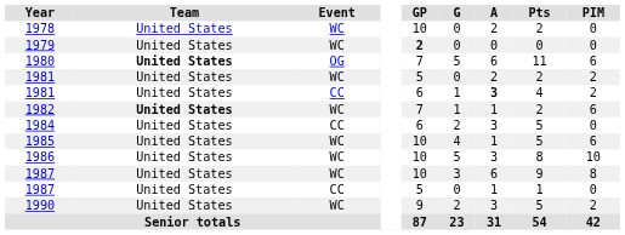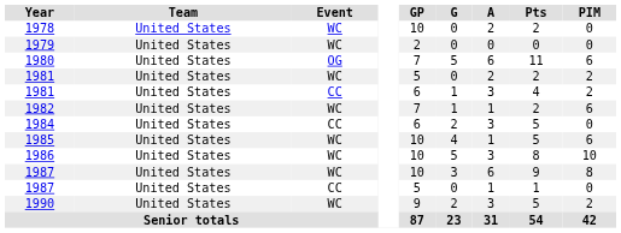 <table border="0" cellpadding="1" cellspacing="0" style="text-align:center; width:50em">
 <tr style="text-align:center; background:#e0e0e0;">
 <th>Year</th>
 <th>Team</th>
 <th>Event</th>
 <th rowspan="99" style="background:#fff;"> </th>
 <th>GP</th>
 <th>G</th>
 <th>A</th>
 <th>Pts</th>
 <th>PIM</th>
 </tr>
 <tr>
 <td><a href='#'>1978</a></td>
 <td><a href='#'>United States</a></td>
 <td><a href='#'>WC</a></td>
 <td>10</td>
 <td>0</td>
 <td>2</td>
 <td>2</td>
 <td>0</td>
 </tr>
 <tr style="background:#f0f0f0;">
 <td><a href='#'>1979</a></td>
 <td>United States</td>
 <td>WC</td>
-<td><strong>2</strong></td>
+<td>2</td>
 <td>0</td>
 <td>0</td>
 <td>0</td>
 <td>0</td>
 </tr>
 <tr>
 <td><a href='#'>1980</a></td>
-<td><strong>United States</strong></td>
+<td>United States</td>
 <td><a href='#'>OG</a></td>
 <td>7</td>
 <td>5</td>
 <td>6</td>
 <td>11</td>
 <td>6</td>
 </tr>
 <tr style="background:#f0f0f0;">
 <td><a href='#'>1981</a></td>
 <td>United States</td>
 <td>WC</td>
 <td>5</td>
 <td>0</td>
 <td>2</td>
 <td>2</td>
 <td>2</td>
 </tr>
 <tr>
 <td><a href='#'>1981</a></td>
 <td>United States</td>
 <td><a href='#'>CC</a></td>
 <td>6</td>
 <td>1</td>
-<td><strong>3</strong></td>
+<td>3</td>
 <td>4</td>
 <td>2</td>
 </tr>
 <tr style="background:#f0f0f0;">
 <td><a href='#'>1982</a></td>
-<td><strong>United States</strong></td>
+<td>United States</td>
 <td>WC</td>
 <td>7</td>
 <td>1</td>
 <td>1</td>
 <td>2</td>
 <td>6</td>
 </tr>
 <tr>
 <td><a href='#'>1984</a></td>
 <td>United States</td>
 <td>CC</td>
 <td>6</td>
 <td>2</td>
 <td>3</td>
 <td>5</td>
 <td>0</td>
 </tr>
 <tr style="background:#f0f0f0;">
 <td><a href='#'>1985</a></td>
 <td>United States</td>
 <td>WC</td>
 <td>10</td>
 <td>4</td>
 <td>1</td>
 <td>5</td>
 <td>6</td>
 </tr>
 <tr>
 <td><a href='#'>1986</a></td>
 <td>United States</td>
 <td>WC</td>
 <td>10</td>
 <td>5</td>
 <td>3</td>
 <td>8</td>
 <td>10</td>
 </tr>
 <tr style="background:#f0f0f0;">
 <td><a href='#'>1987</a></td>
 <td>United States</td>
 <td>WC</td>
 <td>10</td>
 <td>3</td>
 <td>6</td>
 <td>9</td>
 <td>8</td>
 </tr>
 <tr>
 <td><a href='#'>1987</a></td>
 <td>United States</td>
 <td>CC</td>
 <td>5</td>
 <td>0</td>
 <td>1</td>
 <td>1</td>
 <td>0</td>
 </tr>
 <tr style="background:#f0f0f0;">
 <td><a href='#'>1990</a></td>
 <td>United States</td>
 <td>WC</td>
 <td>9</td>
 <td>2</td>
 <td>3</td>
 <td>5</td>
 <td>2</td>
 </tr>
 <tr style="background:#e0e0e0;">
 <th colspan=3>Senior totals</th>
 <th>87</th>
 <th>23</th>
 <th>31</th>
 <th>54</th>
 <th>42</th>
 </tr>
 </table>
